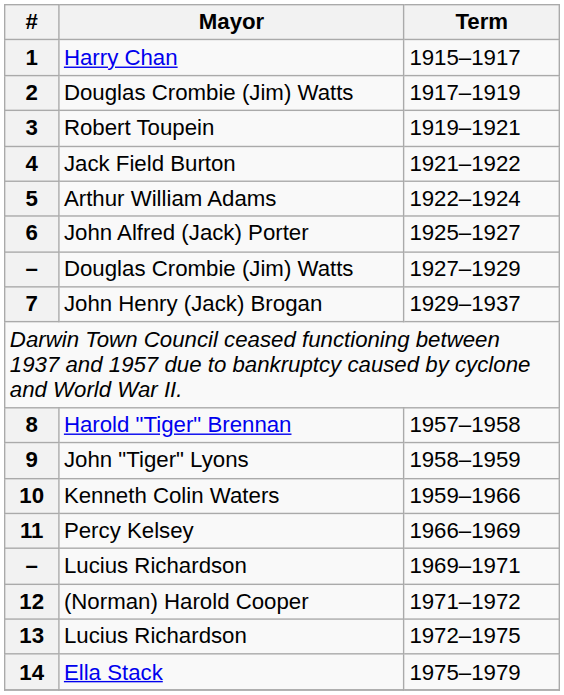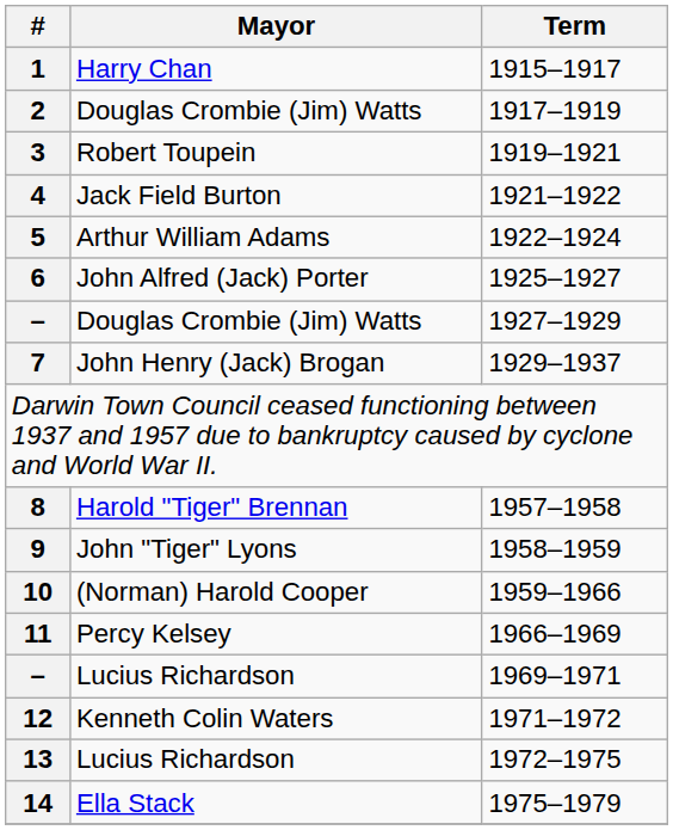 <table class="wikitable" width="400">
 <tr>
 <th>#</th>
 <th>Mayor</th>
 <th>Term</th>
 </tr>
 <tr>
 <th>1</th>
 <td><a href='#'>Harry Chan</a></td>
 <td>1915–1917</td>
 </tr>
 <tr>
 <th>2</th>
 <td>Douglas Crombie (Jim) Watts</td>
 <td>1917–1919</td>
 </tr>
 <tr>
 <th>3</th>
 <td>Robert Toupein</td>
 <td>1919–1921</td>
 </tr>
 <tr>
 <th>4</th>
 <td>Jack Field Burton</td>
 <td>1921–1922</td>
 </tr>
 <tr>
 <th>5</th>
 <td>Arthur William Adams</td>
 <td>1922–1924</td>
 </tr>
 <tr>
 <th>6</th>
 <td>John Alfred (Jack) Porter</td>
 <td>1925–1927</td>
 </tr>
 <tr>
 <th>–</th>
 <td>Douglas Crombie (Jim) Watts</td>
 <td>1927–1929</td>
 </tr>
 <tr>
 <th>7</th>
 <td>John Henry (Jack) Brogan</td>
 <td>1929–1937</td>
 </tr>
 <tr>
 <td colspan="3"><em>Darwin Town Council ceased functioning between 1937 and 1957 due to bankruptcy caused by cyclone and World War II.</em></td>
 </tr>
 <tr>
 <th>8</th>
 <td><a href='#'>Harold "Tiger" Brennan</a></td>
 <td>1957–1958</td>
 </tr>
 <tr>
 <th>9</th>
 <td>John "Tiger" Lyons</td>
 <td>1958–1959</td>
 </tr>
 <tr>
 <th>10</th>
-<td>Kenneth Colin Waters</td>
+<td>(Norman) Harold Cooper</td>
 <td>1959–1966</td>
 </tr>
 <tr>
 <th>11</th>
 <td>Percy Kelsey</td>
 <td>1966–1969</td>
 </tr>
 <tr>
 <th>–</th>
 <td>Lucius Richardson</td>
 <td>1969–1971</td>
 </tr>
 <tr>
 <th>12</th>
-<td>(Norman) Harold Cooper</td>
+<td>Kenneth Colin Waters</td>
 <td>1971–1972</td>
 </tr>
 <tr>
 <th>13</th>
 <td>Lucius Richardson</td>
 <td>1972–1975</td>
 </tr>
 <tr>
 <th>14</th>
 <td><a href='#'>Ella Stack</a></td>
 <td>1975–1979</td>
 </tr>
 <tr>
 </tr>
 </table>
